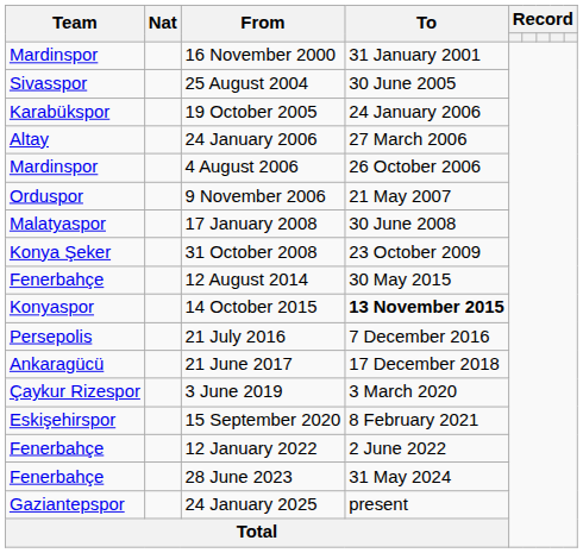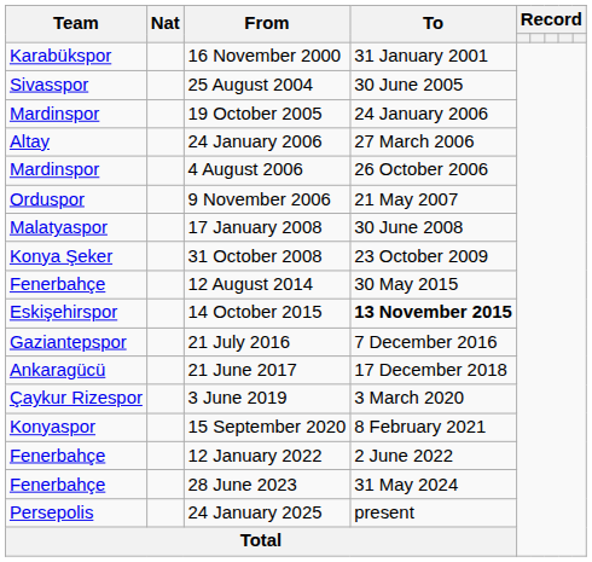 <table class="wikitable" style="text-align: center">
 <tr>
 <th rowspan="2">Team</th>
 <th rowspan="2">Nat</th>
 <th rowspan="2">From</th>
 <th rowspan="2">To</th>
 <th colspan="8">Record</th>
 </tr>
 <tr>
 <th></th>
 <th></th>
 <th></th>
 <th></th>
 <th></th>
 </tr>
 <tr>
-<td align="left"><a href='#'>Mardinspor</a></td>
+<td align="left"><a href='#'>Karabükspor</a></td>
 <td></td>
 <td align="left">16 November 2000</td>
 <td align="left">31 January 2001<br></td>
 </tr>
 <tr>
 <td align="left"><a href='#'>Sivasspor</a></td>
 <td></td>
 <td align="left">25 August 2004</td>
 <td align="left">30 June 2005<br></td>
 </tr>
 <tr>
-<td align="left"><a href='#'>Karabükspor</a></td>
+<td align="left"><a href='#'>Mardinspor</a></td>
 <td></td>
 <td align="left">19 October 2005</td>
 <td align="left">24 January 2006<br></td>
 </tr>
 <tr>
 <td align="left"><a href='#'>Altay</a></td>
 <td></td>
 <td align="left">24 January 2006</td>
 <td align="left">27 March 2006<br></td>
 </tr>
 <tr>
 <td align="left"><a href='#'>Mardinspor</a></td>
 <td></td>
 <td align="left">4 August 2006</td>
 <td align="left">26 October 2006<br></td>
 </tr>
 <tr>
 <td align="left"><a href='#'>Orduspor</a></td>
 <td></td>
 <td align="left">9 November 2006</td>
 <td align="left">21 May 2007<br></td>
 </tr>
 <tr>
 <td align="left"><a href='#'>Malatyaspor</a></td>
 <td></td>
 <td align="left">17 January 2008</td>
 <td align="left">30 June 2008<br></td>
 </tr>
 <tr>
 <td align="left"><a href='#'>Konya Şeker</a></td>
 <td></td>
 <td align="left">31 October 2008</td>
 <td align="left">23 October 2009<br></td>
 </tr>
 <tr>
 <td align="left"><a href='#'>Fenerbahçe</a></td>
 <td></td>
 <td align="left">12 August 2014</td>
 <td align="left">30 May 2015<br></td>
 </tr>
 <tr>
-<td align="left"><a href='#'>Konyaspor</a></td>
+<td align="left"><a href='#'>Eskişehirspor</a></td>
 <td></td>
 <td align="left">14 October 2015</td>
 <td align="left"><strong>13 November 2015<br></strong></td>
 </tr>
 <tr>
-<td align="left"><a href='#'>Persepolis</a></td>
+<td align="left"><a href='#'>Gaziantepspor</a></td>
 <td></td>
 <td align="left">21 July 2016</td>
 <td align="left">7 December 2016<br></td>
 </tr>
 <tr>
 <td align="left"><a href='#'>Ankaragücü</a></td>
 <td></td>
 <td align="left">21 June 2017</td>
 <td align="left">17 December 2018<br></td>
 </tr>
 <tr>
 <td align="left"><a href='#'>Çaykur Rizespor</a></td>
 <td></td>
 <td align="left">3 June 2019</td>
 <td align="left">3 March 2020<br></td>
 </tr>
 <tr>
-<td align="left"><a href='#'>Eskişehirspor</a></td>
+<td align="left"><a href='#'>Konyaspor</a></td>
 <td></td>
 <td align="left">15 September 2020</td>
 <td align="left">8 February 2021<br></td>
 </tr>
 <tr>
 <td align="left"><a href='#'>Fenerbahçe</a></td>
 <td></td>
 <td align="left">12 January 2022</td>
 <td align="left">2 June 2022<br></td>
 </tr>
 <tr>
 <td align="left"><a href='#'>Fenerbahçe</a></td>
 <td></td>
 <td align="left">28 June 2023</td>
 <td align="left">31 May 2024<br></td>
 </tr>
 <tr>
-<td align="left"><a href='#'>Gaziantepspor</a></td>
+<td align="left"><a href='#'>Persepolis</a></td>
 <td></td>
 <td align="left">24 January 2025</td>
 <td align="left">present<br></td>
 </tr>
 <tr>
 <th colspan="4">Total<br></th>
 </tr>
 </table>
